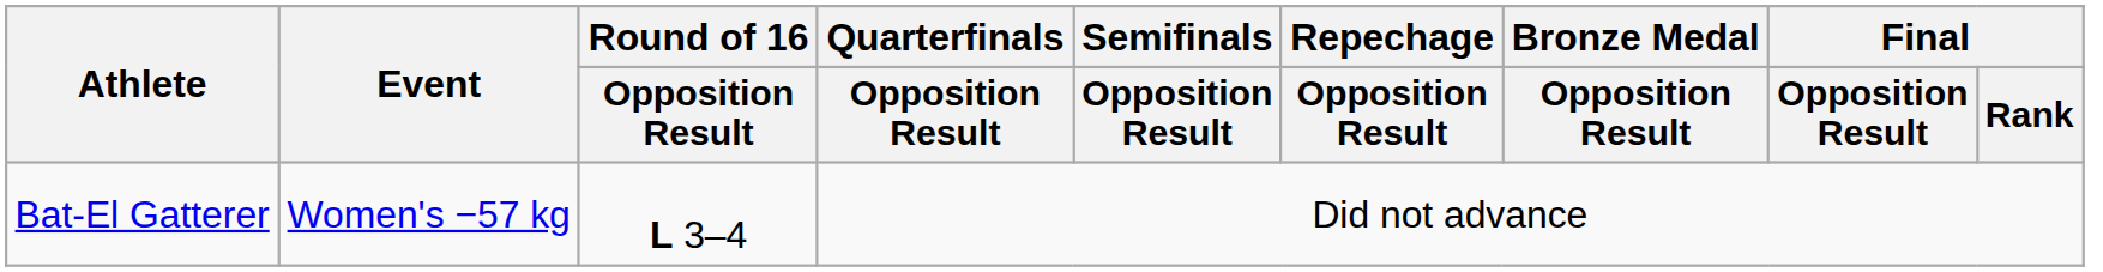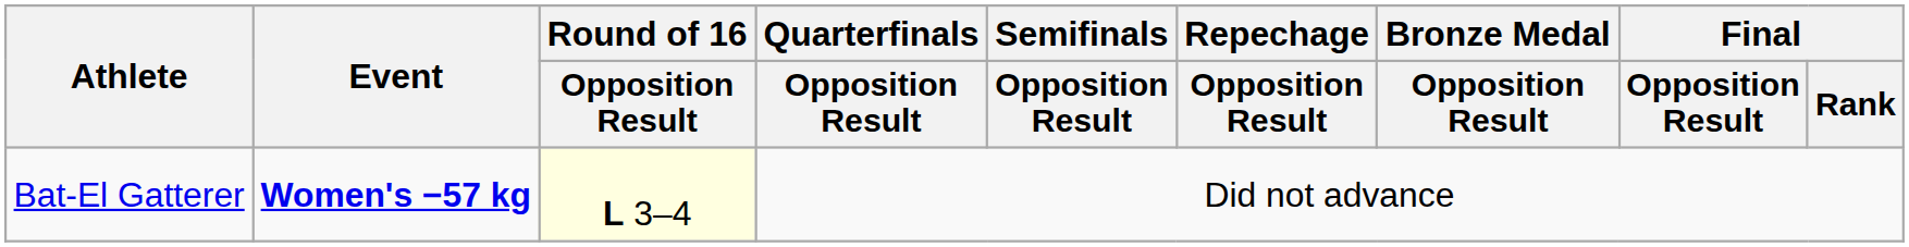 <table class="wikitable" style="font-size:90%">
 <tr>
 <th rowspan="2">Athlete</th>
 <th rowspan="2">Event</th>
 <th>Round of 16</th>
 <th>Quarterfinals</th>
 <th>Semifinals</th>
 <th>Repechage</th>
 <th>Bronze Medal</th>
 <th colspan=2>Final</th>
 </tr>
 <tr style="font-size:95%">
 <th>Opposition<br>Result</th>
 <th>Opposition<br>Result</th>
 <th>Opposition<br>Result</th>
 <th>Opposition<br>Result</th>
 <th>Opposition<br>Result</th>
 <th>Opposition<br>Result</th>
 <th>Rank</th>
 </tr>
 <tr align=center>
 <td align=left><a href='#'>Bat-El Gatterer</a></td>
-<td align=left><a href='#'>Women's −57 kg</a></td>
-<td><br><strong>L</strong> 3–4</td>
+<td align=left><strong><a href='#'>Women's −57 kg</a></strong></td>
+<td style="background: lightyellow;"><br><strong>L</strong> 3–4</td>
 <td colspan=6>Did not advance</td>
 </tr>
 </table>
